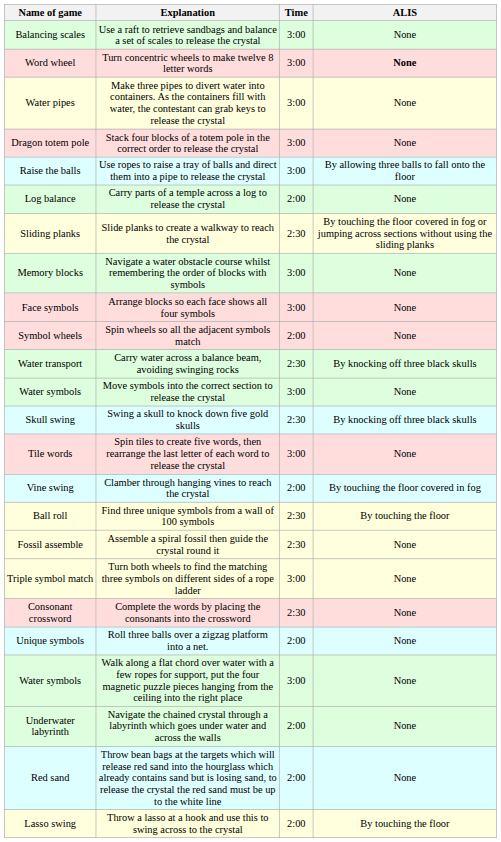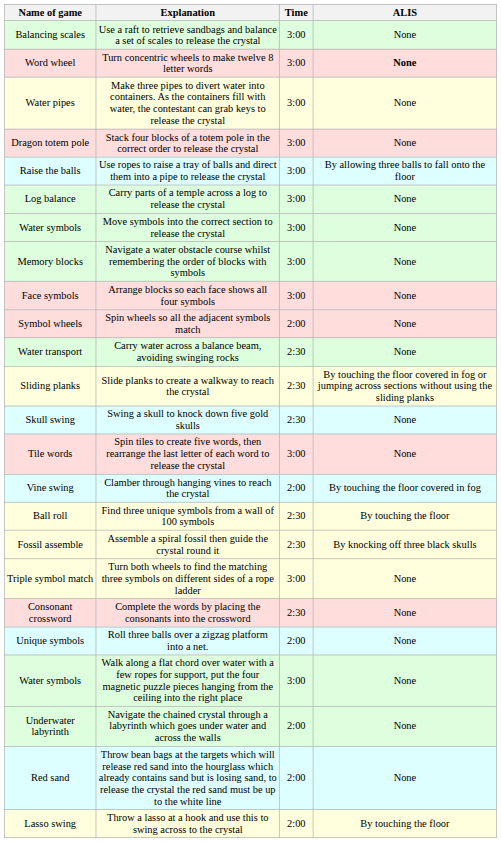 <table class="wikitable sortable"  style="width:60%; left:0 auto; text-align:center;">
 <tr>
 <th style="width:15%;">Name of game</th>
 <th style="width:30%;">Explanation</th>
 <th style="width:5%;">Time</th>
 <th style="width:30%;">ALIS</th>
 </tr>
 <tr style="background:#dfd;">
 <td>Balancing scales</td>
 <td>Use a raft to retrieve sandbags and balance a set of scales to release the crystal</td>
 <td>3:00</td>
 <td>None</td>
 </tr>
 <tr style="background:#fdd;">
 <td>Word wheel</td>
 <td>Turn concentric wheels to make twelve 8 letter words</td>
 <td>3:00</td>
 <td><strong>None</strong></td>
 </tr>
 <tr style="background:#ffd;">
 <td>Water pipes</td>
 <td>Make three pipes to divert water into containers. As the containers fill with water, the contestant can grab keys to release the crystal</td>
 <td>3:00</td>
 <td>None</td>
 </tr>
 <tr style="background:#fdd;">
 <td>Dragon totem pole</td>
 <td>Stack four blocks of a totem pole in the correct order to release the crystal</td>
 <td>3:00</td>
 <td>None</td>
 </tr>
 <tr style="background:#dff;">
 <td>Raise the balls</td>
 <td>Use ropes to raise a tray of balls and direct them into a pipe to release the crystal</td>
 <td>3:00</td>
 <td>By allowing three balls to fall onto the floor</td>
 </tr>
 <tr style="background:#dfd;">
 <td>Log balance</td>
 <td>Carry parts of a temple across a log to release the crystal</td>
-<td>2:00</td>
+<td>3:00</td>
 <td>None</td>
 </tr>
-<tr style="background:#ffd;">
-<td>Sliding planks</td>
-<td>Slide planks to create a walkway to reach the crystal</td>
-<td>2:30</td>
-<td>By touching the floor covered in fog or jumping across sections without using the sliding planks</td>
+<tr style="background:#dfd;">
+<td>Water symbols</td>
+<td>Move symbols into the correct section to release the crystal</td>
+<td>3:00</td>
+<td>None</td>
 </tr>
 <tr style="background:#dfd;">
 <td>Memory blocks</td>
 <td>Navigate a water obstacle course whilst remembering the order of blocks with symbols</td>
 <td>3:00</td>
 <td>None</td>
 </tr>
 <tr style="background:#fdd;">
 <td>Face symbols</td>
 <td>Arrange blocks so each face shows all four symbols</td>
 <td>3:00</td>
 <td>None</td>
 </tr>
 <tr style="background:#fdd;">
 <td>Symbol wheels</td>
 <td>Spin wheels so all the adjacent symbols match</td>
 <td>2:00</td>
 <td>None</td>
 </tr>
 <tr style="background:#dfd;">
 <td>Water transport</td>
 <td>Carry water across a balance beam, avoiding swinging rocks</td>
 <td>2:30</td>
-<td>By knocking off three black skulls</td>
+<td>None</td>
 </tr>
-<tr style="background:#dfd;">
-<td>Water symbols</td>
-<td>Move symbols into the correct section to release the crystal</td>
-<td>3:00</td>
-<td>None</td>
+<tr style="background:#ffd;">
+<td>Sliding planks</td>
+<td>Slide planks to create a walkway to reach the crystal</td>
+<td>2:30</td>
+<td>By touching the floor covered in fog or jumping across sections without using the sliding planks</td>
 </tr>
 <tr style="background:#dff;">
 <td>Skull swing</td>
 <td>Swing a skull to knock down five gold skulls</td>
 <td>2:30</td>
-<td>By knocking off three black skulls</td>
+<td>None</td>
 </tr>
 <tr style="background:#fdd;">
 <td>Tile words</td>
 <td>Spin tiles to create five words, then rearrange the last letter of each word to release the crystal</td>
 <td>3:00</td>
 <td>None</td>
 </tr>
 <tr style="background:#dff;">
 <td>Vine swing</td>
 <td>Clamber through hanging vines to reach the crystal</td>
 <td>2:00</td>
 <td>By touching the floor covered in fog</td>
 </tr>
 <tr style="background:#ffd;">
 <td>Ball roll</td>
 <td>Find three unique symbols from a wall of 100 symbols</td>
 <td>2:30</td>
 <td>By touching the floor</td>
 </tr>
 <tr style="background:#ffd;">
 <td>Fossil assemble</td>
 <td>Assemble a spiral fossil then guide the crystal round it</td>
 <td>2:30</td>
-<td>None</td>
+<td>By knocking off three black skulls</td>
 </tr>
 <tr style="background:#ffd;">
 <td>Triple symbol match</td>
 <td>Turn both wheels to find the matching three symbols on different sides of a rope ladder</td>
 <td>3:00</td>
 <td>None</td>
 </tr>
 <tr style="background:#fdd;">
 <td>Consonant crossword</td>
 <td>Complete the words by placing the consonants into the crossword</td>
 <td>2:30</td>
 <td>None</td>
 </tr>
 <tr style="background:#dff;">
 <td>Unique symbols</td>
 <td>Roll three balls over a zigzag platform into a net.</td>
 <td>2:00</td>
 <td>None</td>
 </tr>
 <tr style="background:#dfd;">
 <td>Water symbols</td>
 <td>Walk along a flat chord over water with a few ropes for support, put the four magnetic puzzle pieces hanging from the ceiling into the right place</td>
 <td>3:00</td>
 <td>None</td>
 </tr>
 <tr style="background:#dfd;">
 <td>Underwater labyrinth</td>
 <td>Navigate the chained crystal through a labyrinth which goes under water and across the walls</td>
 <td>2:00</td>
 <td>None</td>
 </tr>
 <tr style="background:#dff;">
 <td>Red sand</td>
 <td>Throw bean bags at the targets which will release red sand into the hourglass which already contains sand but is losing sand, to release the crystal the red sand must be up to the white line</td>
 <td>2:00</td>
 <td>None</td>
 </tr>
 <tr style="background:#ffd;">
 <td>Lasso swing</td>
 <td>Throw a lasso at a hook and use this to swing across to the crystal</td>
 <td>2:00</td>
 <td>By touching the floor</td>
 </tr>
 </table>
